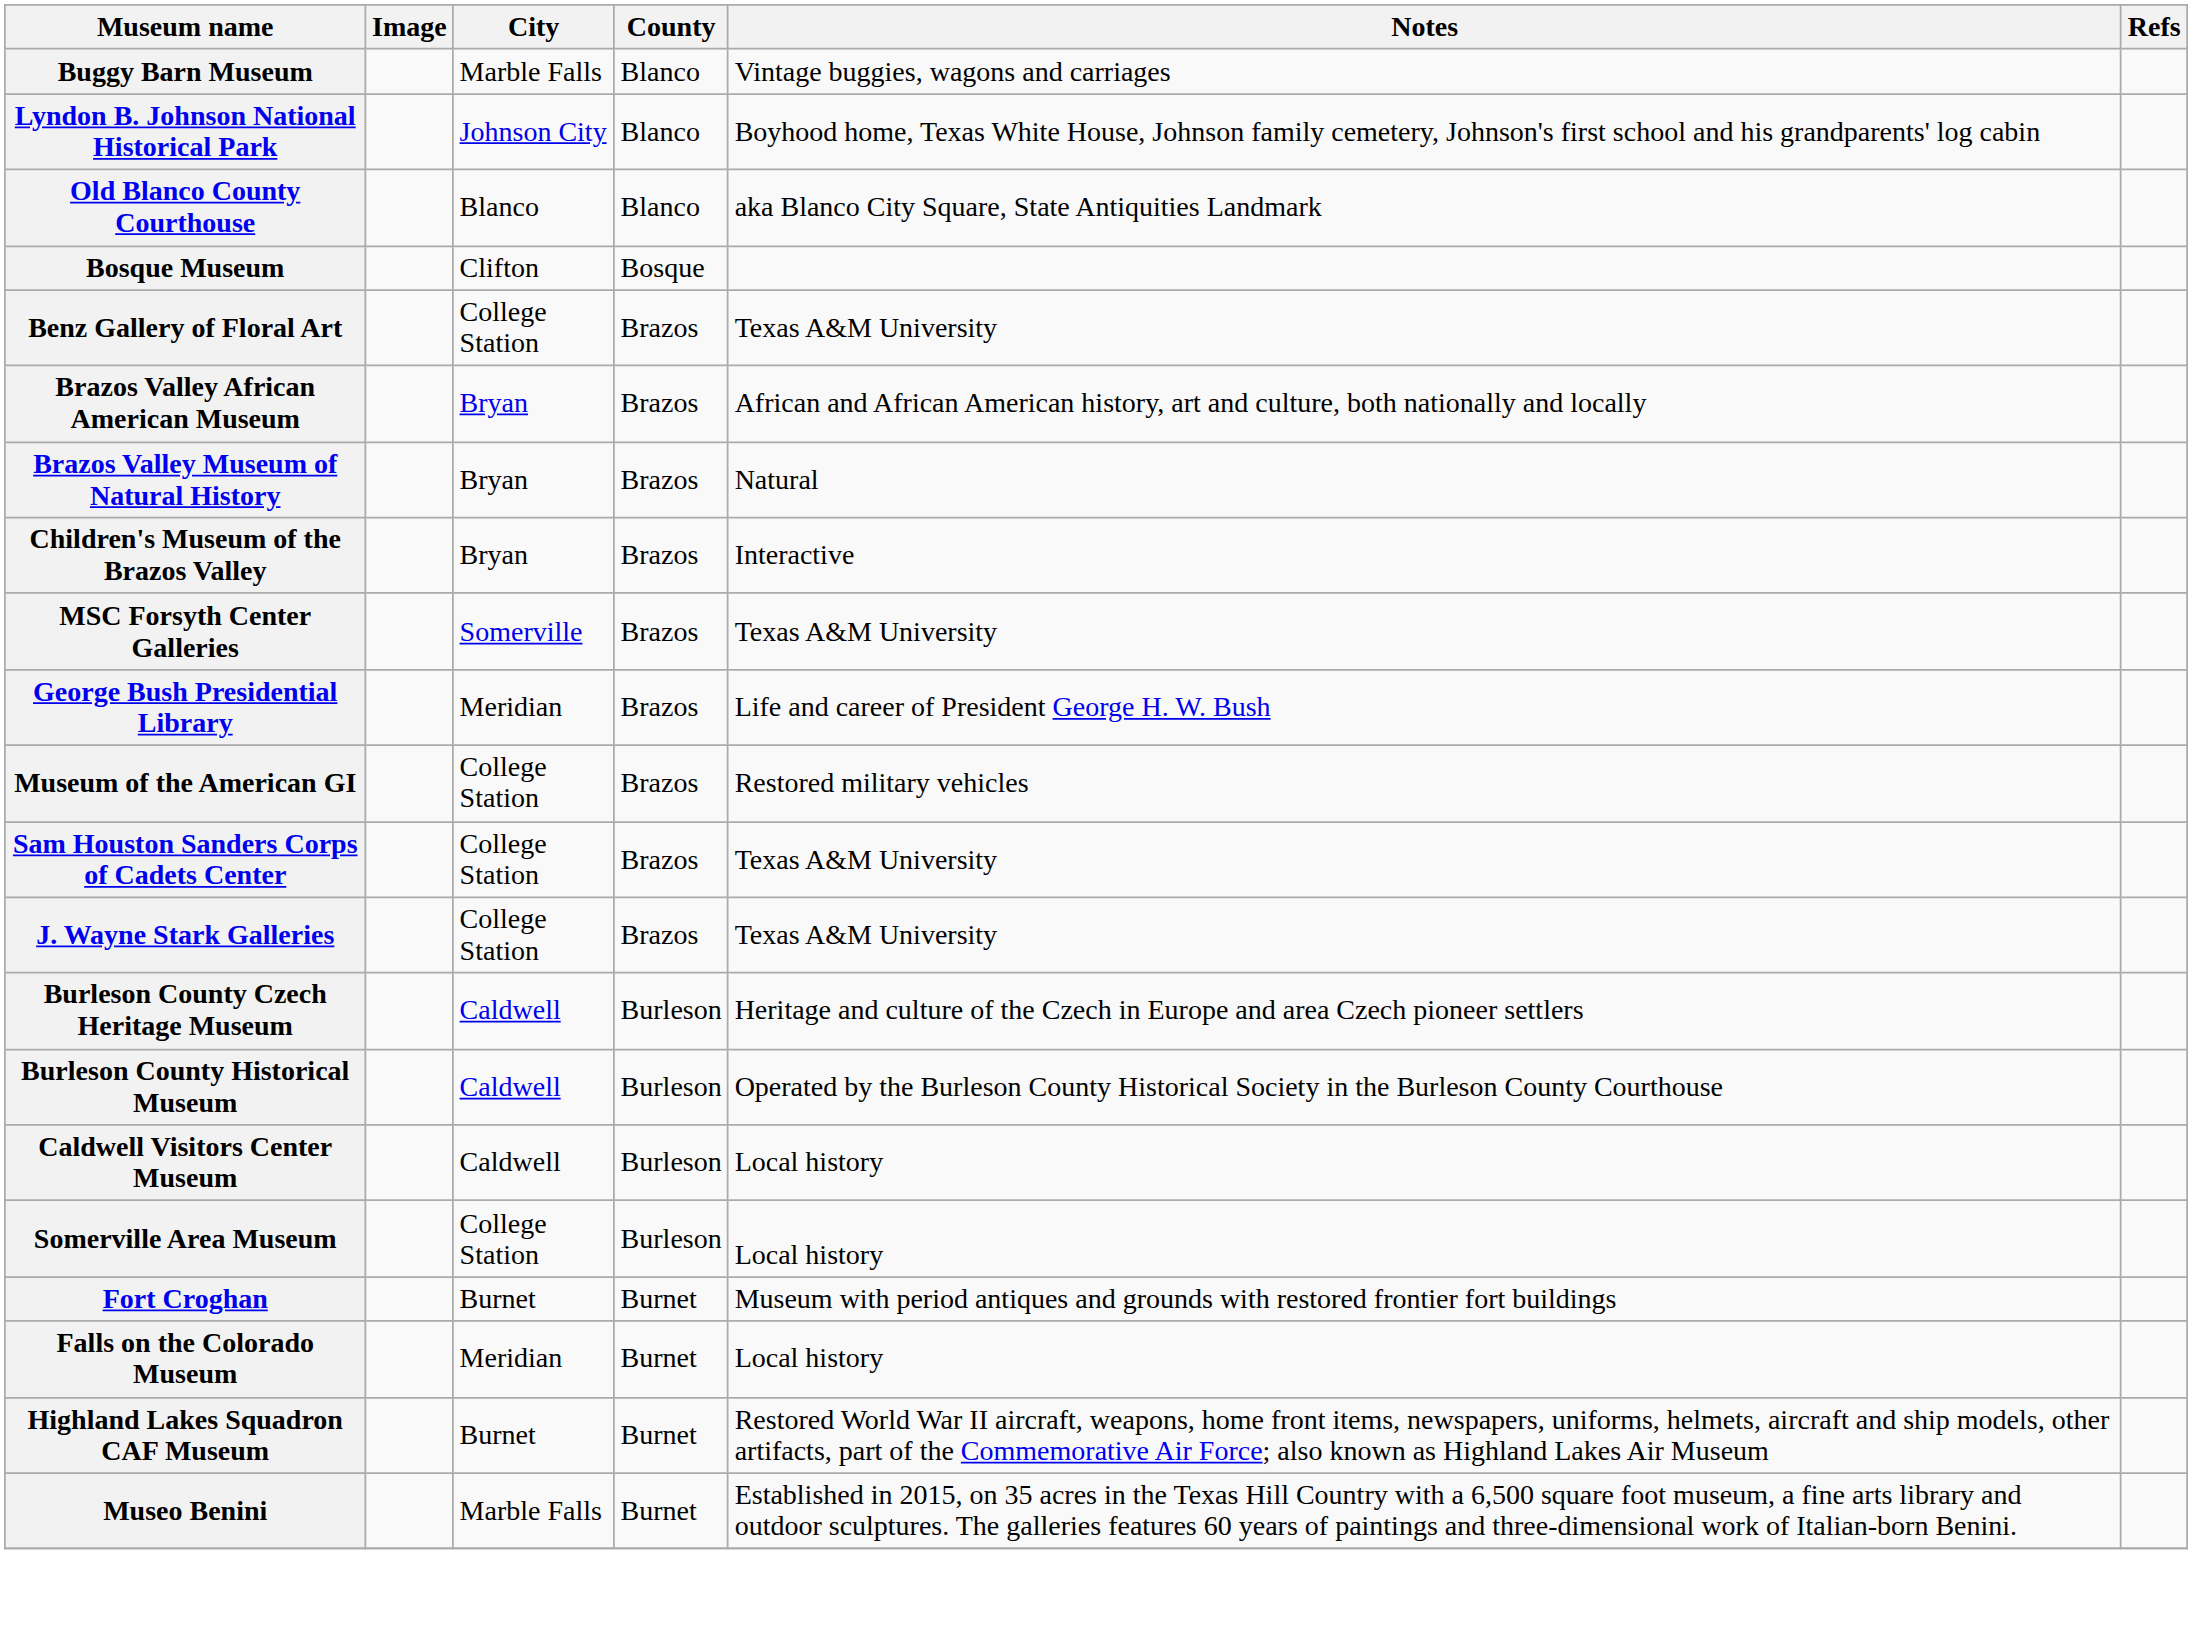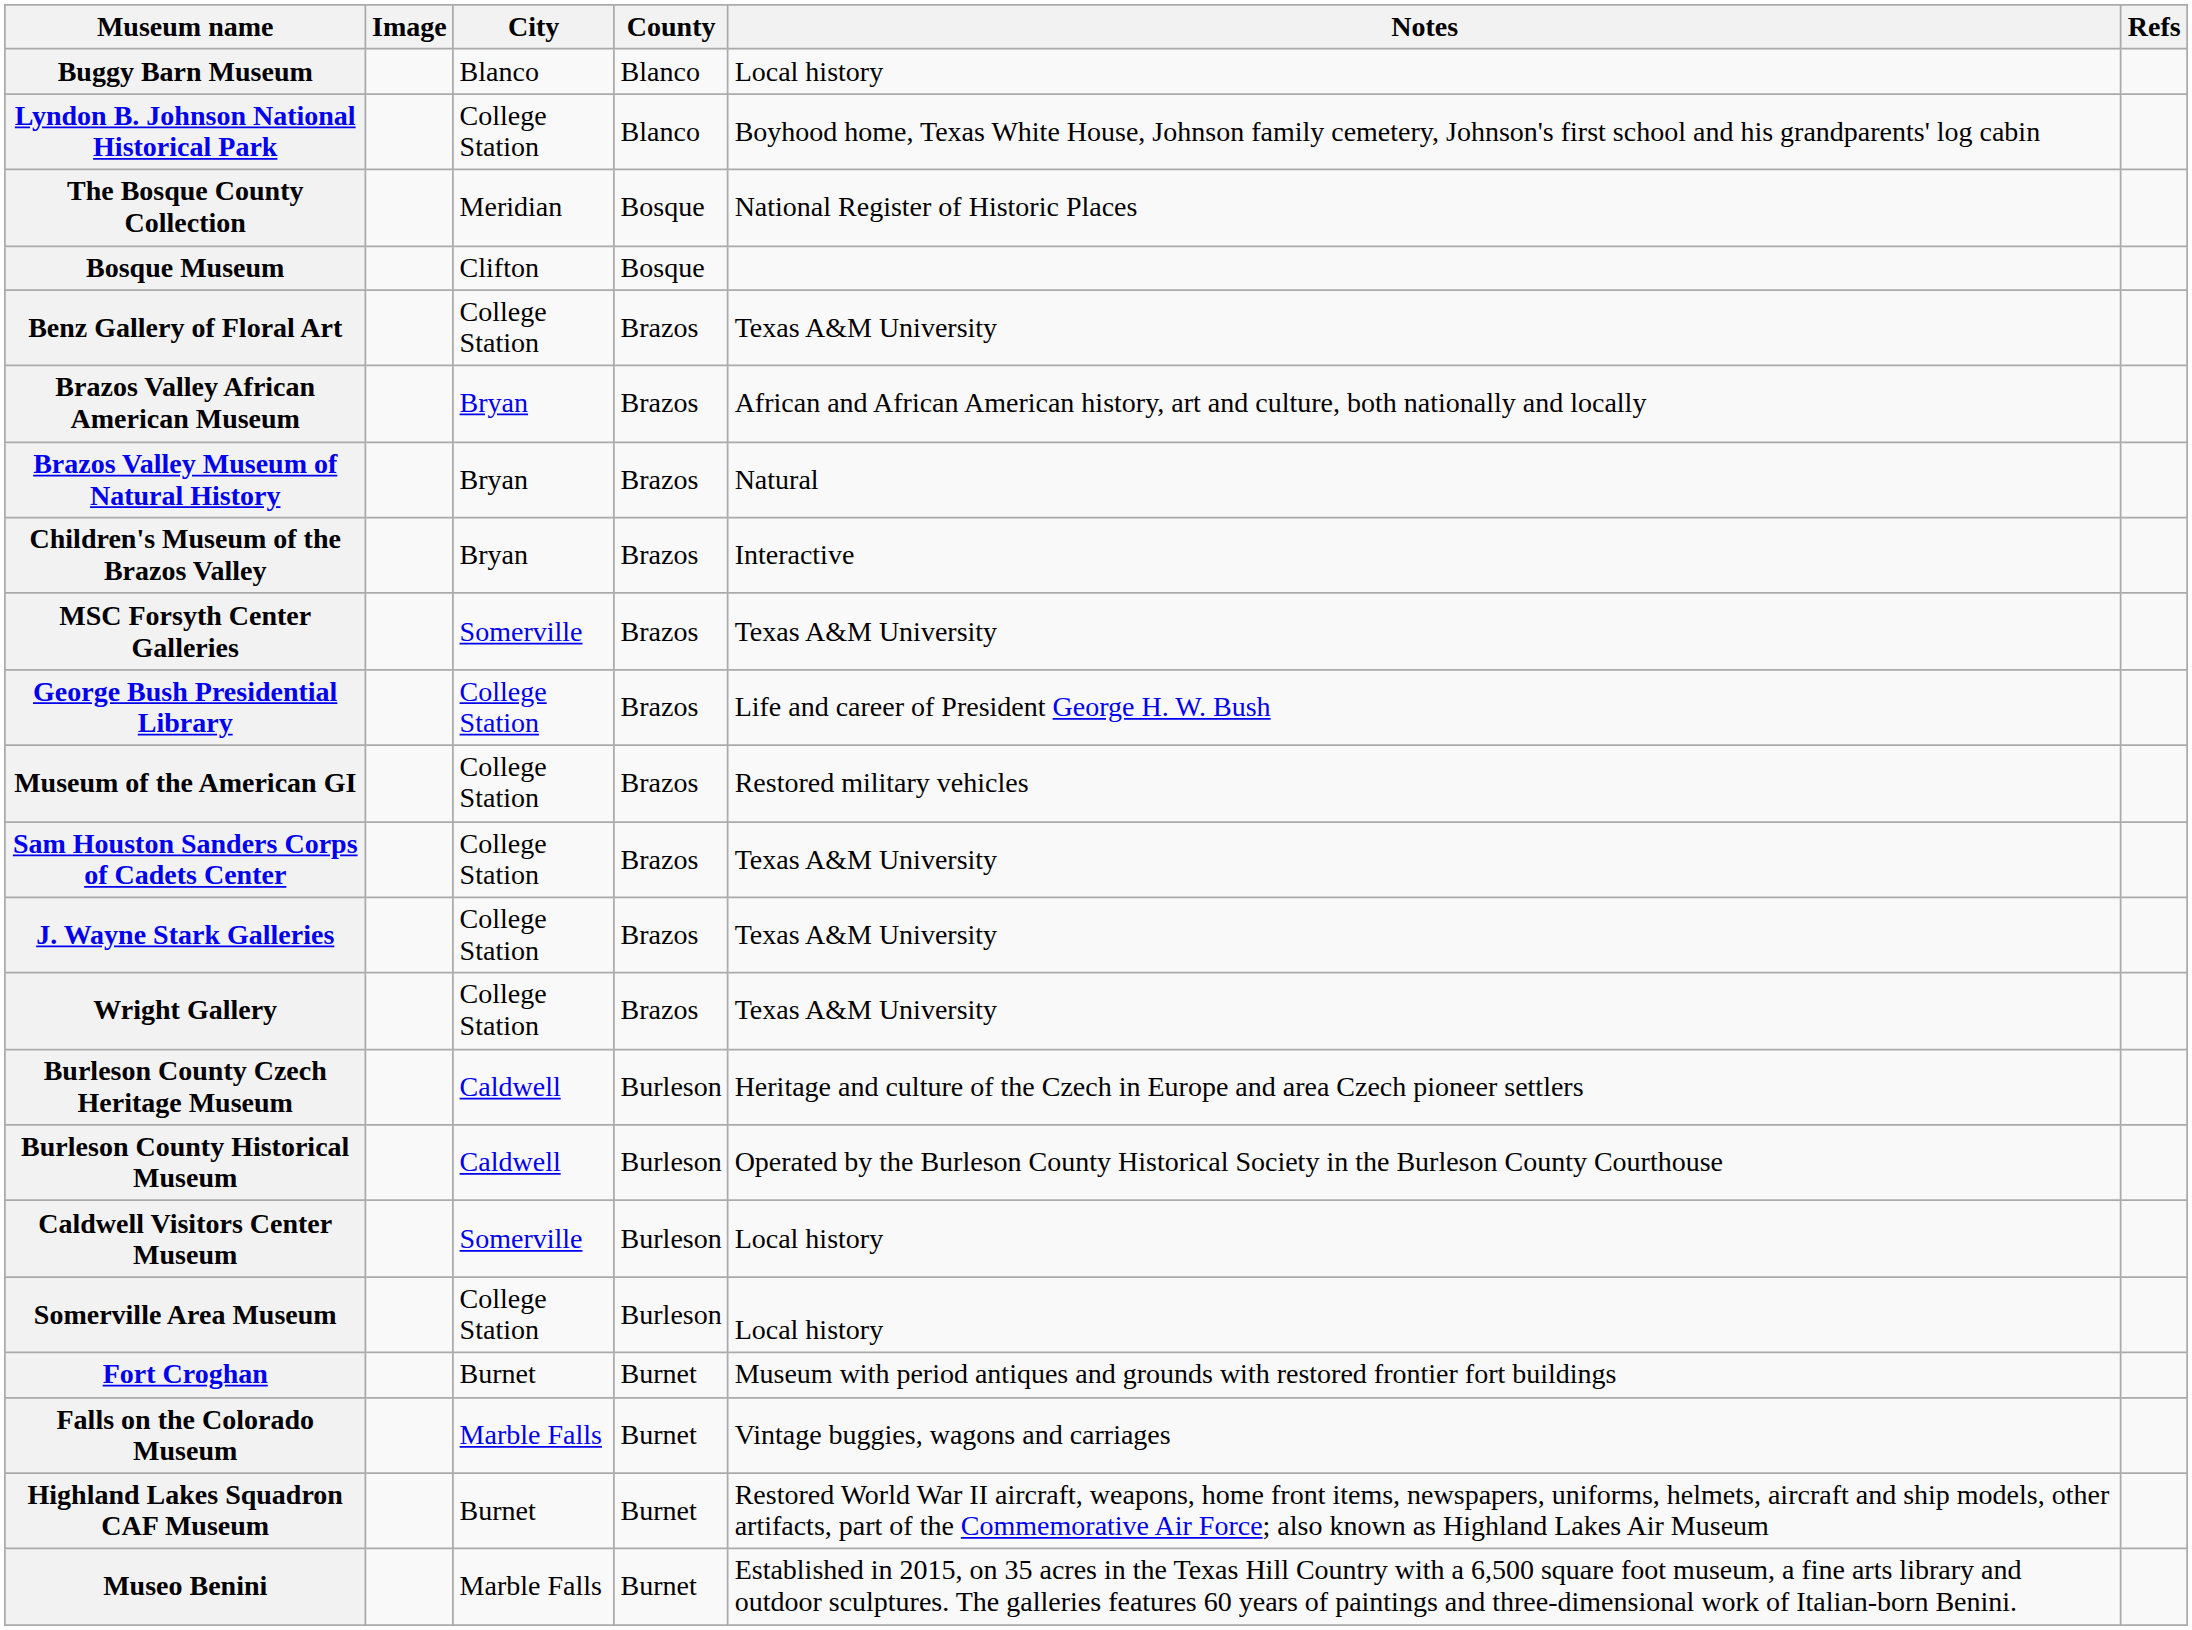 <table class="wikitable sortable plainrowheaders">
 <tr>
 <th scope="col">Museum name</th>
 <th scope="col"  class="unsortable">Image</th>
 <th scope="col">City</th>
 <th scope="col">County</th>
 <th scope="col">Notes</th>
 <th scope="col" class="unsortable">Refs</th>
 </tr>
 <tr>
 <th scope="row">Buggy Barn Museum</th>
 <td></td>
-<td>Marble Falls</td>
 <td>Blanco</td>
-<td>Vintage buggies, wagons and carriages</td>
+<td>Blanco</td>
+<td>Local history</td>
 <td align="center"></td>
 </tr>
 <tr>
 <th scope="row"><a href='#'>Lyndon B. Johnson National Historical Park</a></th>
 <td></td>
-<td><a href='#'>Johnson City</a></td>
+<td>College Station</td>
 <td>Blanco</td>
 <td>Boyhood home, Texas White House, Johnson family cemetery, Johnson's first school and his grandparents' log cabin</td>
 <td align="center"></td>
 </tr>
 <tr>
-<th scope="row"><a href='#'>Old Blanco County Courthouse</a></th>
+<th scope="row">The Bosque County Collection</th>
 <td></td>
-<td>Blanco</td>
-<td>Blanco</td>
-<td>aka Blanco City Square, State Antiquities Landmark</td>
+<td>Meridian</td>
+<td>Bosque</td>
+<td>National Register of Historic Places</td>
 <td align="center"></td>
 </tr>
 <tr>
 <th scope="row">Bosque Museum</th>
 <td></td>
 <td>Clifton</td>
 <td>Bosque</td>
 <td></td>
 <td align="center"></td>
 </tr>
 <tr>
 <th scope="row">Benz Gallery of Floral Art</th>
 <td></td>
 <td>College Station</td>
 <td>Brazos</td>
 <td>Texas A&M University</td>
 <td align="center"></td>
 </tr>
 <tr>
 <th scope="row">Brazos Valley African American Museum</th>
 <td></td>
 <td><a href='#'>Bryan</a></td>
 <td>Brazos</td>
 <td>African and African American history, art and culture, both nationally and locally</td>
 <td align="center"></td>
 </tr>
 <tr>
 <th scope="row"><a href='#'>Brazos Valley Museum of Natural History</a></th>
 <td></td>
 <td>Bryan</td>
 <td>Brazos</td>
 <td>Natural</td>
 <td align="center"></td>
 </tr>
 <tr>
 <th scope="row">Children's Museum of the Brazos Valley</th>
 <td></td>
 <td>Bryan</td>
 <td>Brazos</td>
 <td>Interactive</td>
 <td align="center"></td>
 </tr>
 <tr>
 <th scope="row">MSC Forsyth Center Galleries</th>
 <td></td>
 <td><a href='#'>Somerville</a></td>
 <td>Brazos</td>
 <td>Texas A&M University</td>
 <td align="center"></td>
 </tr>
 <tr>
 <th scope="row"><a href='#'>George Bush Presidential Library</a></th>
 <td></td>
-<td>Meridian</td>
+<td><a href='#'>College Station</a></td>
 <td>Brazos</td>
 <td>Life and career of President <a href='#'>George H. W. Bush</a></td>
 <td align="center"></td>
 </tr>
 <tr>
 <th scope="row">Museum of the American GI</th>
 <td></td>
 <td>College Station</td>
 <td>Brazos</td>
 <td>Restored military vehicles</td>
 <td align="center"></td>
 </tr>
 <tr>
 <th scope="row"><a href='#'>Sam Houston Sanders Corps of Cadets Center</a></th>
 <td></td>
 <td>College Station</td>
 <td>Brazos</td>
 <td>Texas A&M University</td>
 <td align="center"></td>
 </tr>
 <tr>
 <th scope="row"><a href='#'>J. Wayne Stark Galleries</a></th>
 <td></td>
 <td>College Station</td>
 <td>Brazos</td>
 <td>Texas A&M University</td>
 <td align="center"></td>
 </tr>
 <tr>
+<th scope="row">Wright Gallery</th>
+<td></td>
+<td>College Station</td>
+<td>Brazos</td>
+<td>Texas A&M University</td>
+<td align="center"></td>
+</tr>
+<tr>
 <th scope="row">Burleson County Czech Heritage Museum</th>
 <td></td>
 <td><a href='#'>Caldwell</a></td>
 <td>Burleson</td>
 <td>Heritage and culture of the Czech in Europe and area Czech pioneer settlers</td>
 <td align="center"></td>
 </tr>
 <tr>
 <th scope="row">Burleson County Historical Museum</th>
 <td></td>
 <td><a href='#'>Caldwell</a></td>
 <td>Burleson</td>
 <td>Operated by the Burleson County Historical Society in the Burleson County Courthouse</td>
 <td align="center"></td>
 </tr>
 <tr>
 <th scope="row">Caldwell Visitors Center Museum</th>
 <td></td>
-<td>Caldwell</td>
+<td><a href='#'>Somerville</a></td>
 <td>Burleson</td>
 <td>Local history</td>
 <td align="center"></td>
 </tr>
 <tr>
 <th scope="row">Somerville Area Museum</th>
 <td></td>
 <td>College Station</td>
 <td>Burleson</td>
 <td><br>Local history</td>
 <td align="center"></td>
 </tr>
 <tr>
 <th scope="row"><a href='#'>Fort Croghan</a></th>
 <td></td>
 <td>Burnet</td>
 <td>Burnet</td>
 <td>Museum with period antiques and grounds with restored frontier fort buildings</td>
 <td align="center"></td>
 </tr>
 <tr>
 <th scope="row">Falls on the Colorado Museum</th>
 <td></td>
-<td>Meridian</td>
+<td><a href='#'>Marble Falls</a></td>
 <td>Burnet</td>
-<td>Local history</td>
+<td>Vintage buggies, wagons and carriages</td>
 <td align="center"></td>
 </tr>
 <tr>
 <th scope="row">Highland Lakes Squadron CAF Museum</th>
 <td></td>
 <td>Burnet</td>
 <td>Burnet</td>
 <td>Restored World War II aircraft, weapons, home front items, newspapers, uniforms, helmets, aircraft and ship models, other artifacts, part of the <a href='#'>Commemorative Air Force</a>; also known as Highland Lakes Air Museum</td>
 <td align="center"></td>
 </tr>
 <tr>
 <th scope="row">Museo Benini</th>
 <td></td>
 <td>Marble Falls</td>
 <td>Burnet</td>
 <td>Established in 2015, on 35 acres in the Texas Hill Country with a 6,500 square foot museum, a fine arts library and outdoor sculptures. The galleries features 60 years of paintings and three-dimensional work of Italian-born Benini.</td>
 <td></td>
 </tr>
 <tr>
 </tr>
 </table>
